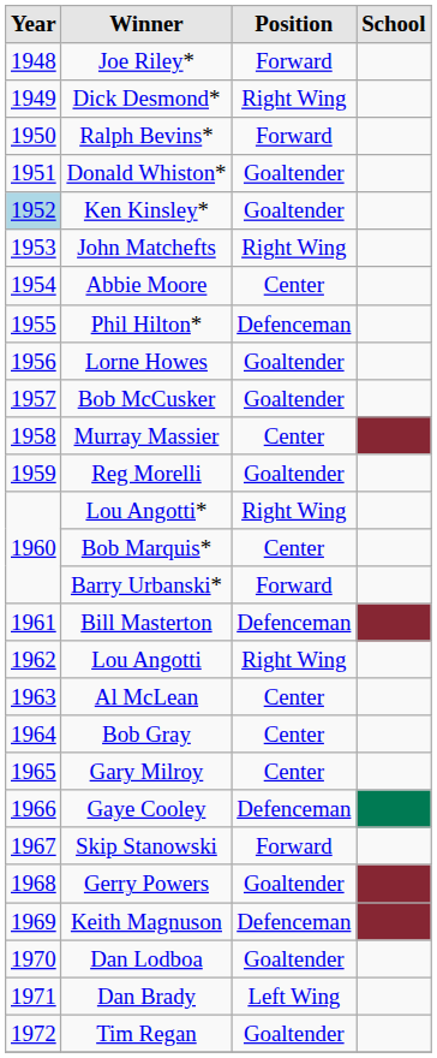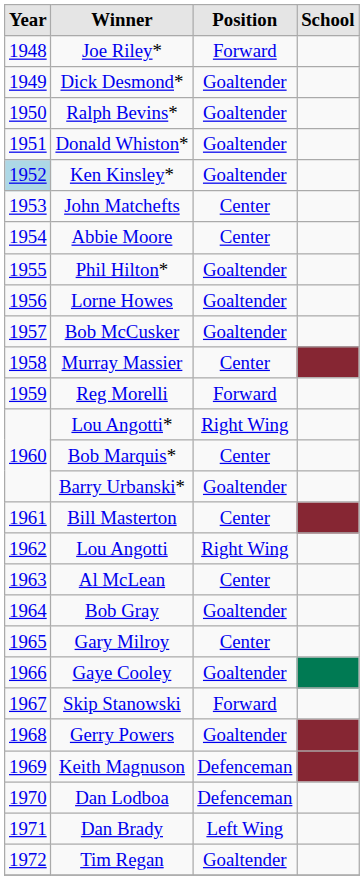 <table class="wikitable sortable" style="font-size: 95%;text-align: center;">
 <tr>
 <th style="background:#e5e5e5;">Year</th>
 <th style="background:#e5e5e5;">Winner</th>
 <th style="background:#e5e5e5;">Position</th>
 <th style="background:#e5e5e5;">School</th>
 </tr>
 <tr>
 <td><a href='#'>1948</a></td>
 <td><a href='#'>Joe Riley</a>*</td>
 <td><a href='#'>Forward</a></td>
 <td><strong><a href='#'></a></strong></td>
 </tr>
 <tr>
 <td><a href='#'>1949</a></td>
 <td><a href='#'>Dick Desmond</a>*</td>
-<td><a href='#'>Right Wing</a></td>
+<td><a href='#'>Goaltender</a></td>
 <td><strong><a href='#'></a></strong></td>
 </tr>
 <tr>
 <td><a href='#'>1950</a></td>
 <td><a href='#'>Ralph Bevins</a>*</td>
-<td><a href='#'>Forward</a></td>
+<td><a href='#'>Goaltender</a></td>
 <td><strong><a href='#'></a></strong></td>
 </tr>
 <tr>
 <td><a href='#'>1951</a></td>
 <td><a href='#'>Donald Whiston</a>*</td>
 <td><a href='#'>Goaltender</a></td>
 <td><strong><a href='#'></a></strong></td>
 </tr>
 <tr>
 <td style="background: lightblue;"><a href='#'>1952</a></td>
 <td><a href='#'>Ken Kinsley</a>*</td>
 <td><a href='#'>Goaltender</a></td>
 <td><strong><a href='#'></a></strong></td>
 </tr>
 <tr>
 <td><a href='#'>1953</a></td>
 <td><a href='#'>John Matchefts</a></td>
-<td><a href='#'>Right Wing</a></td>
+<td><a href='#'>Center</a></td>
 <td><strong><a href='#'></a></strong></td>
 </tr>
 <tr>
 <td><a href='#'>1954</a></td>
 <td><a href='#'>Abbie Moore</a></td>
 <td><a href='#'>Center</a></td>
 <td><strong><a href='#'></a></strong></td>
 </tr>
 <tr>
 <td><a href='#'>1955</a></td>
 <td><a href='#'>Phil Hilton</a>*</td>
-<td><a href='#'>Defenceman</a></td>
+<td><a href='#'>Goaltender</a></td>
 <td><strong><a href='#'></a></strong></td>
 </tr>
 <tr>
 <td><a href='#'>1956</a></td>
 <td><a href='#'>Lorne Howes</a></td>
 <td><a href='#'>Goaltender</a></td>
 <td><strong><a href='#'></a></strong></td>
 </tr>
 <tr>
 <td><a href='#'>1957</a></td>
 <td><a href='#'>Bob McCusker</a></td>
 <td><a href='#'>Goaltender</a></td>
 <td><strong><a href='#'></a></strong></td>
 </tr>
 <tr>
 <td><a href='#'>1958</a></td>
 <td><a href='#'>Murray Massier</a></td>
 <td><a href='#'>Center</a></td>
 <td style="color:white; background:#862633; "><strong><a href='#'></a></strong></td>
 </tr>
 <tr>
 <td><a href='#'>1959</a></td>
 <td><a href='#'>Reg Morelli</a></td>
-<td><a href='#'>Goaltender</a></td>
+<td><a href='#'>Forward</a></td>
 <td><strong><a href='#'></a></strong></td>
 </tr>
 <tr>
 <td rowspan="3"><a href='#'>1960</a></td>
 <td><a href='#'>Lou Angotti</a>*</td>
 <td><a href='#'>Right Wing</a></td>
 <td><strong><a href='#'></a></strong></td>
 </tr>
 <tr>
 <td><a href='#'>Bob Marquis</a>*</td>
 <td><a href='#'>Center</a></td>
 <td><strong><a href='#'></a></strong></td>
 </tr>
 <tr>
 <td><a href='#'>Barry Urbanski</a>*</td>
-<td><a href='#'>Forward</a></td>
+<td><a href='#'>Goaltender</a></td>
 <td><strong><a href='#'></a></strong></td>
 </tr>
 <tr>
 <td><a href='#'>1961</a></td>
 <td><a href='#'>Bill Masterton</a></td>
-<td><a href='#'>Defenceman</a></td>
+<td><a href='#'>Center</a></td>
 <td style="color:white; background:#862633; "><strong><a href='#'></a></strong></td>
 </tr>
 <tr>
 <td><a href='#'>1962</a></td>
 <td><a href='#'>Lou Angotti</a></td>
 <td><a href='#'>Right Wing</a></td>
 <td><strong><a href='#'></a></strong></td>
 </tr>
 <tr>
 <td><a href='#'>1963</a></td>
 <td><a href='#'>Al McLean</a></td>
 <td><a href='#'>Center</a></td>
 <td><strong><a href='#'></a></strong></td>
 </tr>
 <tr>
 <td><a href='#'>1964</a></td>
 <td><a href='#'>Bob Gray</a></td>
-<td><a href='#'>Center</a></td>
+<td><a href='#'>Goaltender</a></td>
 <td><strong><a href='#'></a></strong></td>
 </tr>
 <tr>
 <td><a href='#'>1965</a></td>
 <td><a href='#'>Gary Milroy</a></td>
 <td><a href='#'>Center</a></td>
 <td><strong><a href='#'></a></strong></td>
 </tr>
 <tr>
 <td><a href='#'>1966</a></td>
 <td><a href='#'>Gaye Cooley</a></td>
-<td><a href='#'>Defenceman</a></td>
+<td><a href='#'>Goaltender</a></td>
 <td style="color:white; background:#007A53"><strong><a href='#'></a></strong></td>
 </tr>
 <tr>
 <td><a href='#'>1967</a></td>
 <td><a href='#'>Skip Stanowski</a></td>
 <td><a href='#'>Forward</a></td>
 <td><strong><a href='#'></a></strong></td>
 </tr>
 <tr>
 <td><a href='#'>1968</a></td>
 <td><a href='#'>Gerry Powers</a></td>
 <td><a href='#'>Goaltender</a></td>
 <td style="color:white; background:#862633; "><strong><a href='#'></a></strong></td>
 </tr>
 <tr>
 <td><a href='#'>1969</a></td>
 <td><a href='#'>Keith Magnuson</a></td>
 <td><a href='#'>Defenceman</a></td>
 <td style="color:white; background:#862633; "><strong><a href='#'></a></strong></td>
 </tr>
 <tr>
 <td><a href='#'>1970</a></td>
 <td><a href='#'>Dan Lodboa</a></td>
-<td><a href='#'>Goaltender</a></td>
+<td><a href='#'>Defenceman</a></td>
 <td><strong><a href='#'></a></strong></td>
 </tr>
 <tr>
 <td><a href='#'>1971</a></td>
 <td><a href='#'>Dan Brady</a></td>
 <td><a href='#'>Left Wing</a></td>
 <td><strong><a href='#'></a></strong></td>
 </tr>
 <tr>
 <td><a href='#'>1972</a></td>
 <td><a href='#'>Tim Regan</a></td>
 <td><a href='#'>Goaltender</a></td>
 <td><strong><a href='#'></a></strong></td>
 </tr>
 <tr>
 </tr>
 </table>
